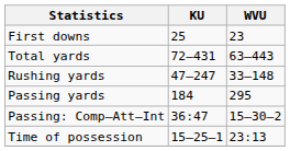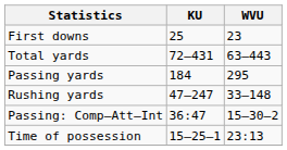 <table class="wikitable" style="float: left;">
 <tr>
 <th>Statistics</th>
 <th>KU</th>
 <th>WVU</th>
 </tr>
 <tr>
 <td>First downs</td>
 <td>25</td>
 <td>23</td>
 </tr>
 <tr>
 <td>Total yards</td>
 <td>72–431</td>
 <td>63–443</td>
 </tr>
 <tr>
+<td>Passing yards</td>
+<td>184</td>
+<td>295</td>
+</tr>
+<tr>
 <td>Rushing yards</td>
 <td>47–247</td>
 <td>33–148</td>
-</tr>
-<tr>
-<td>Passing yards</td>
-<td>184</td>
-<td>295</td>
 </tr>
 <tr>
 <td>Passing: Comp–Att–Int</td>
 <td>36:47</td>
 <td>15–30–2</td>
 </tr>
 <tr>
 <td>Time of possession</td>
 <td>15–25–1</td>
 <td>23:13</td>
 </tr>
 <tr>
 </tr>
 </table>
